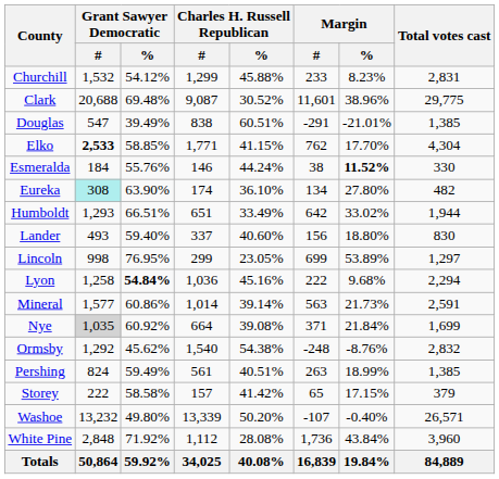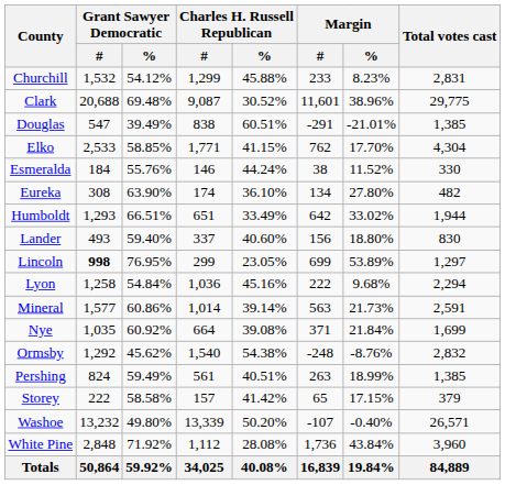 <table class="wikitable sortable" style="text-align:center">
 <tr>
 <th rowspan="2">County</th>
 <th style="text-align:center;" colspan="2">Grant Sawyer<br>Democratic</th>
 <th style="text-align:center;" colspan="2">Charles H. Russell<br>Republican</th>
 <th style="text-align:center;" colspan="2">Margin</th>
 <th style="text-align:center;" rowspan="2">Total votes cast</th>
 </tr>
 <tr>
 <th style="text-align:center;" data-sort-type="number">#</th>
 <th style="text-align:center;" data-sort-type="number">%</th>
 <th style="text-align:center;" data-sort-type="number">#</th>
 <th style="text-align:center;" data-sort-type="number">%</th>
 <th style="text-align:center;" data-sort-type="number">#</th>
 <th style="text-align:center;" data-sort-type="number">%</th>
 </tr>
 <tr style="text-align:center;">
 <td><a href='#'>Churchill</a></td>
 <td>1,532</td>
 <td>54.12%</td>
 <td>1,299</td>
 <td>45.88%</td>
 <td>233</td>
 <td>8.23%</td>
 <td>2,831</td>
 </tr>
 <tr style="text-align:center;">
 <td><a href='#'>Clark</a></td>
 <td>20,688</td>
 <td>69.48%</td>
 <td>9,087</td>
 <td>30.52%</td>
 <td>11,601</td>
 <td>38.96%</td>
 <td>29,775</td>
 </tr>
 <tr style="text-align:center;">
 <td><a href='#'>Douglas</a></td>
 <td>547</td>
 <td>39.49%</td>
 <td>838</td>
 <td>60.51%</td>
 <td>-291</td>
 <td>-21.01%</td>
 <td>1,385</td>
 </tr>
 <tr style="text-align:center;">
 <td><a href='#'>Elko</a></td>
-<td><strong>2,533</strong></td>
+<td>2,533</td>
 <td>58.85%</td>
 <td>1,771</td>
 <td>41.15%</td>
 <td>762</td>
 <td>17.70%</td>
 <td>4,304</td>
 </tr>
 <tr style="text-align:center;">
 <td><a href='#'>Esmeralda</a></td>
 <td>184</td>
 <td>55.76%</td>
 <td>146</td>
 <td>44.24%</td>
 <td>38</td>
-<td><strong>11.52%</strong></td>
+<td>11.52%</td>
 <td>330</td>
 </tr>
 <tr style="text-align:center;">
 <td><a href='#'>Eureka</a></td>
-<td style="background: paleturquoise;">308</td>
+<td>308</td>
 <td>63.90%</td>
 <td>174</td>
 <td>36.10%</td>
 <td>134</td>
 <td>27.80%</td>
 <td>482</td>
 </tr>
 <tr style="text-align:center;">
 <td><a href='#'>Humboldt</a></td>
 <td>1,293</td>
 <td>66.51%</td>
 <td>651</td>
 <td>33.49%</td>
 <td>642</td>
 <td>33.02%</td>
 <td>1,944</td>
 </tr>
 <tr style="text-align:center;">
 <td><a href='#'>Lander</a></td>
 <td>493</td>
 <td>59.40%</td>
 <td>337</td>
 <td>40.60%</td>
 <td>156</td>
 <td>18.80%</td>
 <td>830</td>
 </tr>
 <tr style="text-align:center;">
 <td><a href='#'>Lincoln</a></td>
-<td>998</td>
+<td><strong>998</strong></td>
 <td>76.95%</td>
 <td>299</td>
 <td>23.05%</td>
 <td>699</td>
 <td>53.89%</td>
 <td>1,297</td>
 </tr>
 <tr style="text-align:center;">
 <td><a href='#'>Lyon</a></td>
 <td>1,258</td>
-<td><strong>54.84%</strong></td>
+<td>54.84%</td>
 <td>1,036</td>
 <td>45.16%</td>
 <td>222</td>
 <td>9.68%</td>
 <td>2,294</td>
 </tr>
 <tr style="text-align:center;">
 <td><a href='#'>Mineral</a></td>
 <td>1,577</td>
 <td>60.86%</td>
 <td>1,014</td>
 <td>39.14%</td>
 <td>563</td>
 <td>21.73%</td>
 <td>2,591</td>
 </tr>
 <tr style="text-align:center;">
 <td><a href='#'>Nye</a></td>
-<td style="background: lightgrey;">1,035</td>
+<td>1,035</td>
 <td>60.92%</td>
 <td>664</td>
 <td>39.08%</td>
 <td>371</td>
 <td>21.84%</td>
 <td>1,699</td>
 </tr>
 <tr style="text-align:center;">
 <td><a href='#'>Ormsby</a></td>
 <td>1,292</td>
 <td>45.62%</td>
 <td>1,540</td>
 <td>54.38%</td>
 <td>-248</td>
 <td>-8.76%</td>
 <td>2,832</td>
 </tr>
 <tr style="text-align:center;">
 <td><a href='#'>Pershing</a></td>
 <td>824</td>
 <td>59.49%</td>
 <td>561</td>
 <td>40.51%</td>
 <td>263</td>
 <td>18.99%</td>
 <td>1,385</td>
 </tr>
 <tr style="text-align:center;">
 <td><a href='#'>Storey</a></td>
 <td>222</td>
 <td>58.58%</td>
 <td>157</td>
 <td>41.42%</td>
 <td>65</td>
 <td>17.15%</td>
 <td>379</td>
 </tr>
 <tr style="text-align:center;">
 <td><a href='#'>Washoe</a></td>
 <td>13,232</td>
 <td>49.80%</td>
 <td>13,339</td>
 <td>50.20%</td>
 <td>-107</td>
 <td>-0.40%</td>
 <td>26,571</td>
 </tr>
 <tr style="text-align:center;">
 <td><a href='#'>White Pine</a></td>
 <td>2,848</td>
 <td>71.92%</td>
 <td>1,112</td>
 <td>28.08%</td>
 <td>1,736</td>
 <td>43.84%</td>
 <td>3,960</td>
 </tr>
 <tr style="text-align:center;">
 <th>Totals</th>
 <th>50,864</th>
 <th>59.92%</th>
 <th>34,025</th>
 <th>40.08%</th>
 <th>16,839</th>
 <th>19.84%</th>
 <th>84,889</th>
 </tr>
 </table>
